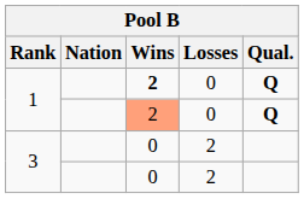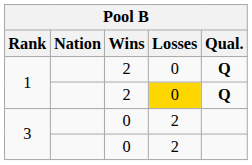 <table class="wikitable" style="text-align:center">
 <tr>
 <th colspan=5 align=center><strong>Pool B</strong></th>
 </tr>
 <tr>
 <th>Rank</th>
 <th>Nation</th>
 <th>Wins</th>
 <th>Losses</th>
 <th>Qual.</th>
 </tr>
 <tr>
 <td rowspan=2>1</td>
 <td align=left></td>
-<td><strong>2</strong></td>
+<td>2</td>
 <td>0</td>
 <td><strong>Q</strong></td>
 </tr>
 <tr>
 <td align=left></td>
-<td style="background: lightsalmon;">2</td>
-<td>0</td>
+<td>2</td>
+<td style="background: gold;">0</td>
 <td><strong>Q</strong></td>
 </tr>
 <tr>
 <td rowspan=2>3</td>
 <td align=left></td>
 <td>0</td>
 <td>2</td>
 <td></td>
 </tr>
 <tr>
 <td align=left></td>
 <td>0</td>
 <td>2</td>
 <td></td>
 </tr>
 </table>
